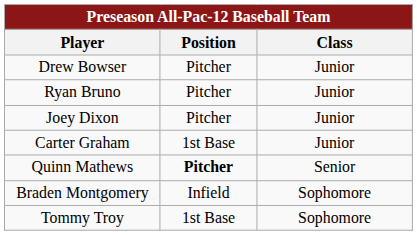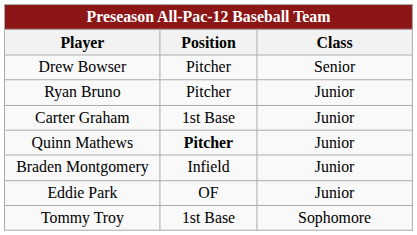 <table class="wikitable" style="text-align:center">
 <tr>
 <td colspan="3" style= "background: #8C1515; color:white"><strong>Preseason All-Pac-12 Baseball Team</strong></td>
 </tr>
 <tr>
 <th style="width:150px; ">Player</th>
 <th style="width:90px; ">Position</th>
 <th style="width:150px; ">Class</th>
 </tr>
 <tr>
 <td>Drew Bowser</td>
 <td>Pitcher</td>
-<td>Junior</td>
+<td>Senior</td>
 </tr>
 <tr>
 <td>Ryan Bruno</td>
-<td>Pitcher</td>
-<td>Junior</td>
-</tr>
-<tr>
-<td>Joey Dixon</td>
 <td>Pitcher</td>
 <td>Junior</td>
 </tr>
 <tr>
 <td>Carter Graham</td>
 <td>1st Base</td>
 <td>Junior</td>
 </tr>
 <tr>
 <td>Quinn Mathews</td>
 <td><strong>Pitcher</strong></td>
-<td>Senior</td>
+<td>Junior</td>
 </tr>
 <tr>
 <td>Braden Montgomery</td>
 <td>Infield</td>
-<td>Sophomore</td>
+<td>Junior</td>
+</tr>
+<tr>
+<td>Eddie Park</td>
+<td>OF</td>
+<td>Junior</td>
 </tr>
 <tr>
 <td>Tommy Troy</td>
 <td>1st Base</td>
 <td>Sophomore</td>
 </tr>
 </table>
